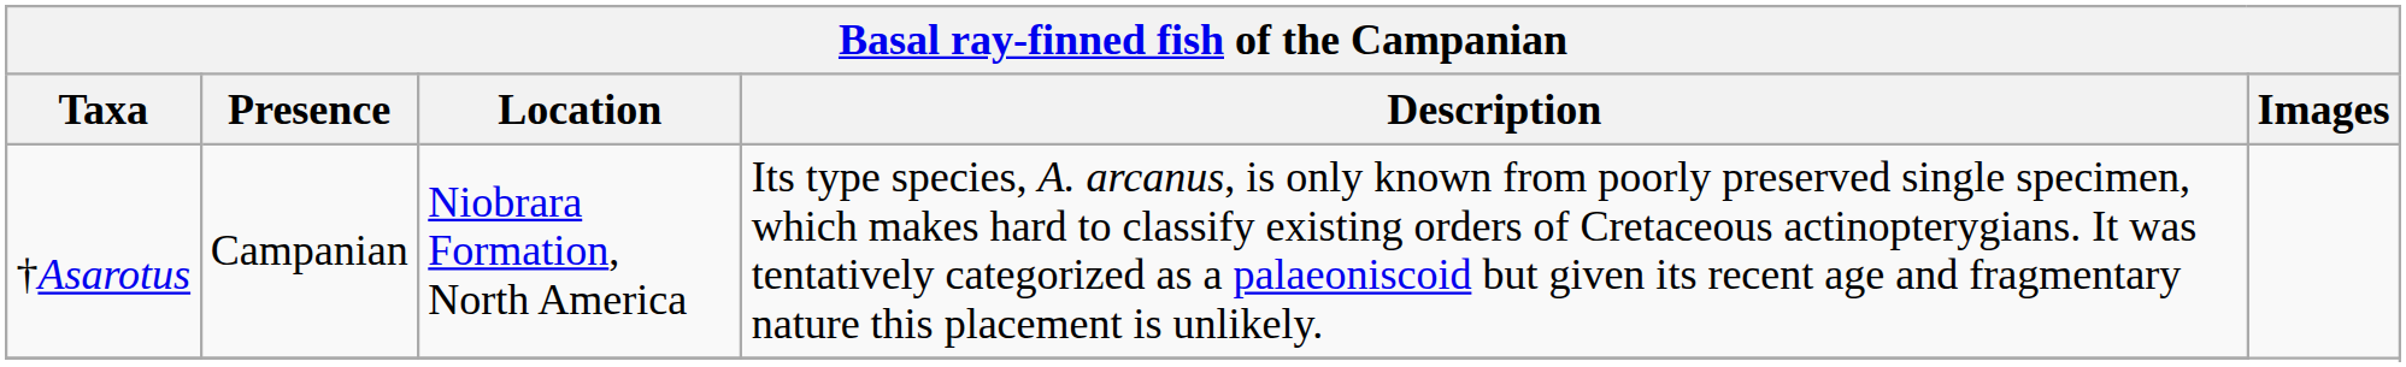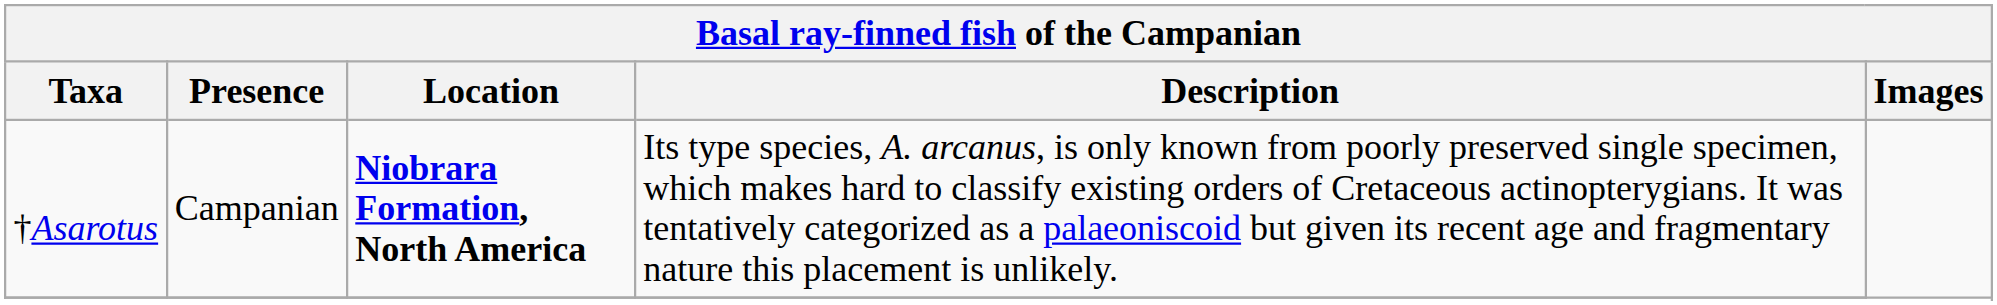 <table class="wikitable" align="center" width="100%">
 <tr>
 <th colspan="5" align="center"><a href='#'>Basal ray-finned fish</a> of the Campanian</th>
 </tr>
 <tr>
 <th>Taxa</th>
 <th>Presence</th>
 <th>Location</th>
 <th>Description</th>
 <th>Images</th>
 </tr>
 <tr>
 <td><br>†<em><a href='#'>Asarotus</a></em></td>
 <td>Campanian</td>
-<td><a href='#'>Niobrara Formation</a>, North America</td>
+<td><strong><a href='#'>Niobrara Formation</a>, North America</strong></td>
 <td>Its type species, <em>A. arcanus</em>, is only known from poorly preserved single specimen, which makes hard to classify existing orders of Cretaceous actinopterygians. It was tentatively categorized as a <a href='#'>palaeoniscoid</a> but given its recent age and fragmentary nature this placement is unlikely.</td>
 </tr>
 <tr>
 </tr>
 </table>
